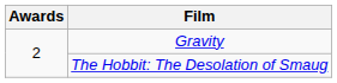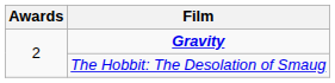 <table class="wikitable" style="text-align: center">
 <tr>
 <th scope="col" width="55">Awards</th>
 <th scope="col">Film</th>
 </tr>
 <tr>
 <td rowspan=2>2</td>
-<td><em><a href='#'>Gravity</a></em></td>
+<td><strong><em><a href='#'>Gravity</a></em></strong></td>
 </tr>
 <tr>
 <td><em><a href='#'>The Hobbit: The Desolation of Smaug</a></em></td>
 </tr>
 </table>
